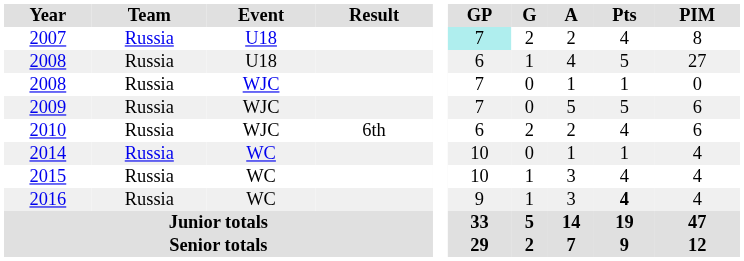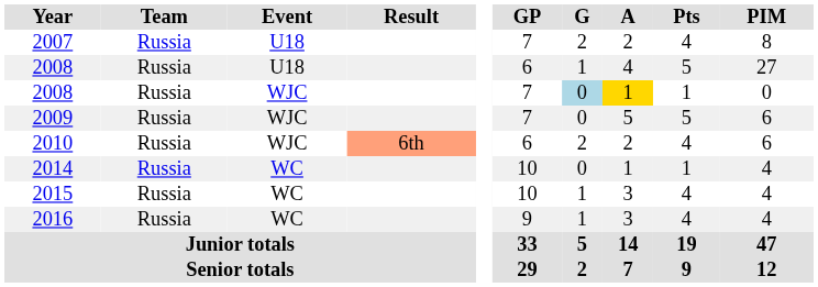 <table border="0" cellpadding="1" cellspacing="0" style="text-align:center; width:40em">
 <tr ALIGN="center" bgcolor="#e0e0e0">
 <th>Year</th>
 <th>Team</th>
 <th>Event</th>
 <th>Result</th>
 <th rowspan="99" bgcolor="#ffffff"> </th>
 <th>GP</th>
 <th>G</th>
 <th>A</th>
 <th>Pts</th>
 <th>PIM</th>
 </tr>
 <tr ALIGN="center">
 <td><a href='#'>2007</a></td>
 <td><a href='#'>Russia</a></td>
 <td><a href='#'>U18</a></td>
 <td></td>
-<td style="background: paleturquoise;">7</td>
+<td>7</td>
 <td>2</td>
 <td>2</td>
 <td>4</td>
 <td>8</td>
 </tr>
 <tr ALIGN="center"  bgcolor="#f0f0f0">
 <td><a href='#'>2008</a></td>
 <td>Russia</td>
 <td>U18</td>
 <td></td>
 <td>6</td>
 <td>1</td>
 <td>4</td>
 <td>5</td>
 <td>27</td>
 </tr>
 <tr ALIGN="center">
 <td><a href='#'>2008</a></td>
 <td>Russia</td>
 <td><a href='#'>WJC</a></td>
 <td></td>
 <td>7</td>
-<td>0</td>
-<td>1</td>
+<td style="background: lightblue;">0</td>
+<td style="background: gold;">1</td>
 <td>1</td>
 <td>0</td>
 </tr>
 <tr ALIGN="center" bgcolor="#f0f0f0">
 <td><a href='#'>2009</a></td>
 <td>Russia</td>
 <td>WJC</td>
 <td></td>
 <td>7</td>
 <td>0</td>
 <td>5</td>
 <td>5</td>
 <td>6</td>
 </tr>
 <tr ALIGN="center">
 <td><a href='#'>2010</a></td>
 <td>Russia</td>
 <td>WJC</td>
-<td>6th</td>
+<td style="background: lightsalmon;">6th</td>
 <td>6</td>
 <td>2</td>
 <td>2</td>
 <td>4</td>
 <td>6</td>
 </tr>
 <tr ALIGN="center" bgcolor="#f0f0f0">
 <td><a href='#'>2014</a></td>
 <td><a href='#'>Russia</a></td>
 <td><a href='#'>WC</a></td>
 <td></td>
 <td>10</td>
 <td>0</td>
 <td>1</td>
 <td>1</td>
 <td>4</td>
 </tr>
 <tr ALIGN="center">
 <td><a href='#'>2015</a></td>
 <td>Russia</td>
 <td>WC</td>
 <td></td>
 <td>10</td>
 <td>1</td>
 <td>3</td>
 <td>4</td>
 <td>4</td>
 </tr>
 <tr ALIGN="center"  bgcolor="#f0f0f0">
 <td><a href='#'>2016</a></td>
 <td>Russia</td>
 <td>WC</td>
 <td></td>
 <td>9</td>
 <td>1</td>
 <td>3</td>
-<td><strong>4</strong></td>
+<td>4</td>
 <td>4</td>
 </tr>
 <tr bgcolor="#e0e0e0">
 <th colspan="4">Junior totals</th>
 <th>33</th>
 <th>5</th>
 <th>14</th>
 <th>19</th>
 <th>47</th>
 </tr>
 <tr bgcolor="#e0e0e0">
 <th colspan="4">Senior totals</th>
 <th>29</th>
 <th>2</th>
 <th>7</th>
 <th>9</th>
 <th>12</th>
 </tr>
 </table>
